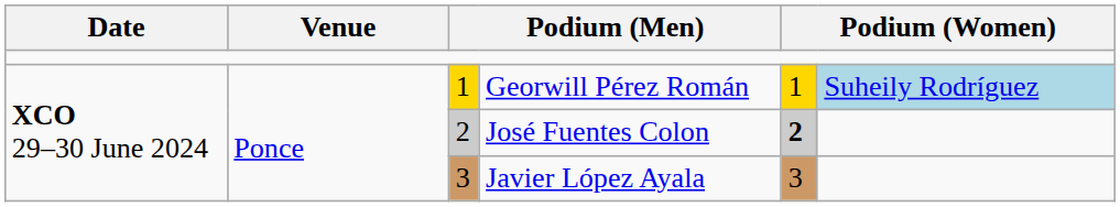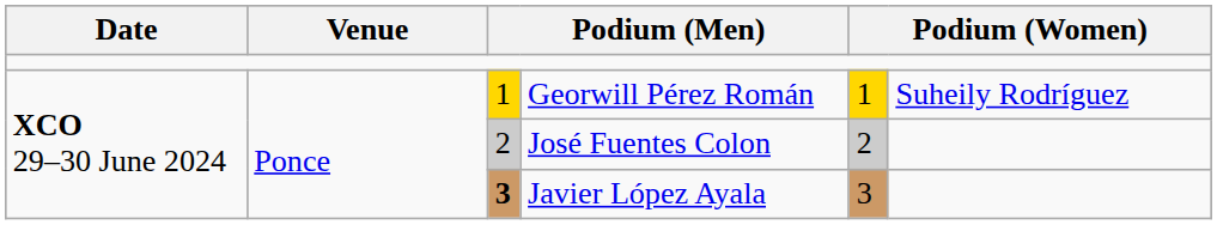 <table class="wikitable" width=70%>
 <tr>
 <th>Date</th>
 <th width=20%>Venue</th>
 <th colspan=2 width=30%>Podium (Men)</th>
 <th colspan=2 width=30%>Podium (Women)</th>
 </tr>
 <tr>
 <td colspan=6></td>
 </tr>
 <tr>
 <td rowspan=3><strong>XCO</strong> <br> 29–30 June 2024</td>
 <td rowspan=3><br><a href='#'>Ponce</a></td>
 <td bgcolor=FFD700>1</td>
 <td><a href='#'>Georwill Pérez Román</a></td>
 <td bgcolor=FFD700>1</td>
-<td style="background: lightblue;"><a href='#'>Suheily Rodríguez</a></td>
+<td><a href='#'>Suheily Rodríguez</a></td>
 </tr>
 <tr>
 <td bgcolor=CCCCCC>2</td>
 <td><a href='#'>José Fuentes Colon</a></td>
-<td bgcolor=CCCCCC><strong>2</strong></td>
+<td bgcolor=CCCCCC>2</td>
 <td></td>
 </tr>
 <tr>
-<td bgcolor=CC9966>3</td>
+<td bgcolor=CC9966><strong>3</strong></td>
 <td><a href='#'>Javier López Ayala</a></td>
 <td bgcolor=CC9966>3</td>
 <td></td>
 </tr>
 </table>
